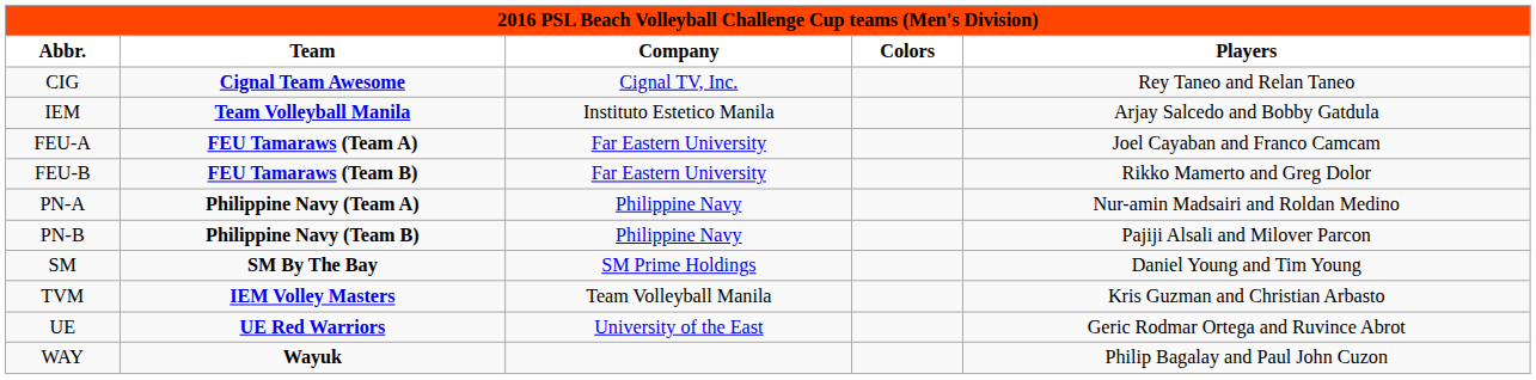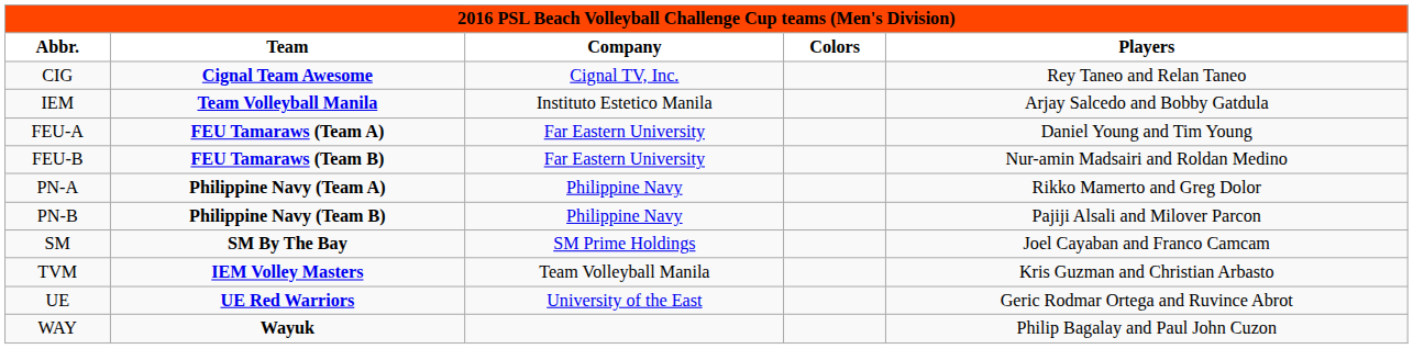 <table class="wikitable" style="width:100%; text-align:left">
 <tr>
 <th style=background:#FF4500 colspan=6><span>2016 PSL Beach Volleyball Challenge Cup teams (Men's Division)</span></th>
 </tr>
 <tr>
 <th style="background:white">Abbr.</th>
 <th style="background:white">Team</th>
 <th style="background:white">Company</th>
 <th style="background:white">Colors</th>
 <th style="background:white">Players</th>
 </tr>
 <tr>
 <td align=center>CIG</td>
 <td align=center><strong><a href='#'>Cignal Team Awesome</a></strong></td>
 <td align=center><a href='#'>Cignal TV, Inc.</a></td>
 <td align=center> </td>
 <td align=center>Rey Taneo and Relan Taneo</td>
 </tr>
 <tr>
 <td align=center>IEM</td>
 <td align=center><strong><a href='#'>Team Volleyball Manila</a></strong></td>
 <td align=center>Instituto Estetico Manila</td>
 <td align=center> </td>
 <td align=center>Arjay Salcedo and Bobby Gatdula</td>
 </tr>
 <tr>
 <td align=center>FEU-A</td>
 <td align=center><strong><a href='#'>FEU Tamaraws</a> (Team A)</strong></td>
 <td align=center><a href='#'>Far Eastern University</a></td>
 <td align=center> </td>
-<td align=center>Joel Cayaban and Franco Camcam</td>
+<td align=center>Daniel Young and Tim Young</td>
 </tr>
 <tr>
 <td align=center>FEU-B</td>
 <td align=center><strong><a href='#'>FEU Tamaraws</a> (Team B)</strong></td>
 <td align=center><a href='#'>Far Eastern University</a></td>
 <td align=center> </td>
-<td align=center>Rikko Mamerto and Greg Dolor</td>
+<td align=center>Nur-amin Madsairi and Roldan Medino</td>
 </tr>
 <tr>
 <td align=center>PN-A</td>
 <td align=center><strong>Philippine Navy (Team A)</strong></td>
 <td align=center><a href='#'>Philippine Navy</a></td>
 <td align=center> </td>
-<td align=center>Nur-amin Madsairi and Roldan Medino</td>
+<td align=center>Rikko Mamerto and Greg Dolor</td>
 </tr>
 <tr>
 <td align=center>PN-B</td>
 <td align=center><strong>Philippine Navy (Team B)</strong></td>
 <td align=center><a href='#'>Philippine Navy</a></td>
 <td align=center> </td>
 <td align=center>Pajiji Alsali and Milover Parcon</td>
 </tr>
 <tr>
 <td align=center>SM</td>
 <td align=center><strong>SM By The Bay</strong></td>
 <td align=center><a href='#'>SM Prime Holdings</a></td>
 <td align=center> </td>
-<td align=center>Daniel Young and Tim Young</td>
+<td align=center>Joel Cayaban and Franco Camcam</td>
 </tr>
 <tr>
 <td align=center>TVM</td>
 <td align=center><strong><a href='#'>IEM Volley Masters</a></strong></td>
 <td align=center>Team Volleyball Manila</td>
 <td align=center> </td>
 <td align=center>Kris Guzman and Christian Arbasto</td>
 </tr>
 <tr>
 <td align=center>UE</td>
 <td align=center><strong><a href='#'>UE Red Warriors</a></strong></td>
 <td align=center><a href='#'>University of the East</a></td>
 <td align=center> </td>
 <td align=center>Geric Rodmar Ortega and Ruvince Abrot</td>
 </tr>
 <tr>
 <td align=center>WAY</td>
 <td align=center><strong>Wayuk</strong></td>
 <td align=center></td>
 <td align=center> </td>
 <td align=center>Philip Bagalay and Paul John Cuzon</td>
 </tr>
 </table>
